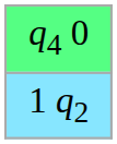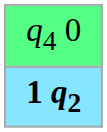 <table class="wikitable" style="text-align:center;">
 <tr>
 <td bgcolor="#55FF83" width="40"><em>q</em><sub>4</sub> 0</td>
 </tr>
 <tr>
-<td bgcolor="#87E6FF" width="40">1 <em>q</em><sub>2</sub></td>
+<td bgcolor="#87E6FF" width="40"><strong>1 <em>q</em><sub>2</sub></strong></td>
 </tr>
 </table>
